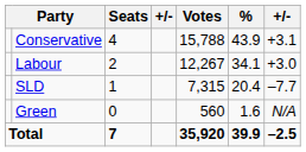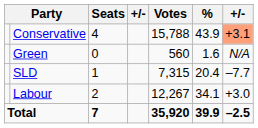 <table class="wikitable sortable">
 <tr>
 <th colspan="2">Party</th>
 <th>Seats</th>
 <th>+/-</th>
 <th>Votes</th>
 <th>%</th>
 <th>+/-</th>
 </tr>
 <tr>
 <td style="background-color: "></td>
 <td><a href='#'>Conservative</a></td>
 <td>4</td>
 <td></td>
 <td style="text-align:right;">15,788</td>
 <td style="text-align:right;">43.9</td>
-<td style="text-align:right;">+3.1</td>
+<td style="background: lightsalmon; text-align:right;">+3.1</td>
 </tr>
 <tr>
 <td style="background-color: "></td>
-<td><a href='#'>Labour</a></td>
-<td>2</td>
+<td><a href='#'>Green</a></td>
+<td>0</td>
 <td></td>
-<td style="text-align:right;">12,267</td>
-<td style="text-align:right;">34.1</td>
-<td style="text-align:right;">+3.0</td>
+<td style="text-align:right;">560</td>
+<td style="text-align:right;">1.6</td>
+<td style="text-align:right;"><em>N/A</em></td>
 </tr>
 <tr>
 <td style="background-color: "></td>
 <td><a href='#'>SLD</a></td>
 <td>1</td>
 <td></td>
 <td style="text-align:right;">7,315</td>
 <td style="text-align:right;">20.4</td>
 <td style="text-align:right;">–7.7</td>
 </tr>
 <tr>
 <td style="background-color: "></td>
-<td><a href='#'>Green</a></td>
-<td>0</td>
+<td><a href='#'>Labour</a></td>
+<td>2</td>
 <td></td>
-<td style="text-align:right;">560</td>
-<td style="text-align:right;">1.6</td>
-<td style="text-align:right;"><em>N/A</em></td>
+<td style="text-align:right;">12,267</td>
+<td style="text-align:right;">34.1</td>
+<td style="text-align:right;">+3.0</td>
 </tr>
 <tr>
 <td colspan="2"><strong>Total</strong></td>
 <td><strong>7</strong></td>
 <td></td>
 <td style="text-align:right;"><strong>35,920</strong></td>
 <td style="text-align:right;"><strong>39.9</strong></td>
 <td style="text-align:right;"><strong>–2.5</strong></td>
 </tr>
 </table>
